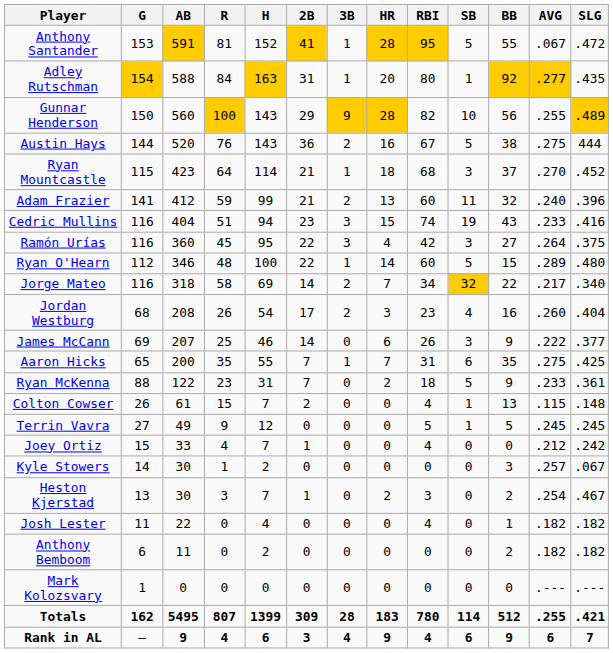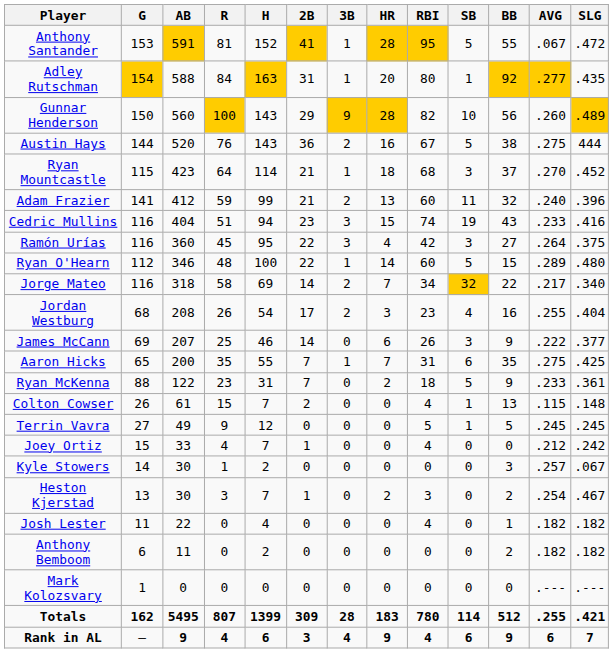 <table class=wikitable style="text-align:center">
 <tr>
 <th bgcolor=#DDDDFF; width="20%">Player</th>
 <th bgcolor=#DDDDFF; width="7%">G</th>
 <th bgcolor=#DDDDFF; width="7%">AB</th>
 <th bgcolor=#DDDDFF; width="7%">R</th>
 <th bgcolor=#DDDDFF; width="7%">H</th>
 <th bgcolor=#DDDDFF; width="7%">2B</th>
 <th bgcolor=#DDDDFF; width="7%">3B</th>
 <th bgcolor=#DDDDFF; width="7%">HR</th>
 <th bgcolor=#DDDDFF; width="7%">RBI</th>
 <th bgcolor=#DDDDFF; width="7%">SB</th>
 <th bgcolor=#DDDDFF; width="7%">BB</th>
 <th bgcolor=#DDDDFF; width="7%'">AVG</th>
 <th bgcolor=#DDDDFF; width="7%">SLG</th>
 </tr>
 <tr>
 <td><a href='#'>Anthony Santander</a></td>
 <td>153</td>
 <td bgcolor=#ffcc00>591</td>
 <td>81</td>
 <td>152</td>
 <td bgcolor=#ffcc00>41</td>
 <td>1</td>
 <td bgcolor=#ffcc00>28</td>
 <td bgcolor=#ffcc00>95</td>
 <td>5</td>
 <td>55</td>
 <td>.067</td>
 <td>.472</td>
 </tr>
 <tr>
 <td><a href='#'>Adley Rutschman</a></td>
 <td bgcolor=#ffcc00>154</td>
 <td>588</td>
 <td>84</td>
 <td bgcolor=#ffcc00>163</td>
 <td>31</td>
 <td>1</td>
 <td>20</td>
 <td>80</td>
 <td>1</td>
 <td bgcolor=#ffcc00>92</td>
 <td bgcolor=#ffcc00>.277</td>
 <td>.435</td>
 </tr>
 <tr>
 <td><a href='#'>Gunnar Henderson</a></td>
 <td>150</td>
 <td>560</td>
 <td bgcolor=#ffcc00>100</td>
 <td>143</td>
 <td>29</td>
 <td bgcolor=#ffcc00>9</td>
 <td bgcolor=#ffcc00>28</td>
 <td>82</td>
 <td>10</td>
 <td>56</td>
-<td>.255</td>
+<td>.260</td>
 <td bgcolor=#ffcc00>.489</td>
 </tr>
 <tr>
 <td><a href='#'>Austin Hays</a></td>
 <td>144</td>
 <td>520</td>
 <td>76</td>
 <td>143</td>
 <td>36</td>
 <td>2</td>
 <td>16</td>
 <td>67</td>
 <td>5</td>
 <td>38</td>
 <td>.275</td>
 <td>444</td>
 </tr>
 <tr>
 <td><a href='#'>Ryan Mountcastle</a></td>
 <td>115</td>
 <td>423</td>
 <td>64</td>
 <td>114</td>
 <td>21</td>
 <td>1</td>
 <td>18</td>
 <td>68</td>
 <td>3</td>
 <td>37</td>
 <td>.270</td>
 <td>.452</td>
 </tr>
 <tr>
 <td><a href='#'>Adam Frazier</a></td>
 <td>141</td>
 <td>412</td>
 <td>59</td>
 <td>99</td>
 <td>21</td>
 <td>2</td>
 <td>13</td>
 <td>60</td>
 <td>11</td>
 <td>32</td>
 <td>.240</td>
 <td>.396</td>
 </tr>
 <tr>
 <td><a href='#'>Cedric Mullins</a></td>
 <td>116</td>
 <td>404</td>
 <td>51</td>
 <td>94</td>
 <td>23</td>
 <td>3</td>
 <td>15</td>
 <td>74</td>
 <td>19</td>
 <td>43</td>
 <td>.233</td>
 <td>.416</td>
 </tr>
 <tr>
 <td><a href='#'>Ramón Urías</a></td>
 <td>116</td>
 <td>360</td>
 <td>45</td>
 <td>95</td>
 <td>22</td>
 <td>3</td>
 <td>4</td>
 <td>42</td>
 <td>3</td>
 <td>27</td>
 <td>.264</td>
 <td>.375</td>
 </tr>
 <tr>
 <td><a href='#'>Ryan O'Hearn</a></td>
 <td>112</td>
 <td>346</td>
 <td>48</td>
 <td>100</td>
 <td>22</td>
 <td>1</td>
 <td>14</td>
 <td>60</td>
 <td>5</td>
 <td>15</td>
 <td>.289</td>
 <td>.480</td>
 </tr>
 <tr>
 <td><a href='#'>Jorge Mateo</a></td>
 <td>116</td>
 <td>318</td>
 <td>58</td>
 <td>69</td>
 <td>14</td>
 <td>2</td>
 <td>7</td>
 <td>34</td>
 <td bgcolor=#ffcc00>32</td>
 <td>22</td>
 <td>.217</td>
 <td>.340</td>
 </tr>
 <tr>
 <td><a href='#'>Jordan Westburg</a></td>
 <td>68</td>
 <td>208</td>
 <td>26</td>
 <td>54</td>
 <td>17</td>
 <td>2</td>
 <td>3</td>
 <td>23</td>
 <td>4</td>
 <td>16</td>
-<td>.260</td>
+<td>.255</td>
 <td>.404</td>
 </tr>
 <tr>
 <td><a href='#'>James McCann</a></td>
 <td>69</td>
 <td>207</td>
 <td>25</td>
 <td>46</td>
 <td>14</td>
 <td>0</td>
 <td>6</td>
 <td>26</td>
 <td>3</td>
 <td>9</td>
 <td>.222</td>
 <td>.377</td>
 </tr>
 <tr>
 <td><a href='#'>Aaron Hicks</a></td>
 <td>65</td>
 <td>200</td>
 <td>35</td>
 <td>55</td>
 <td>7</td>
 <td>1</td>
 <td>7</td>
 <td>31</td>
 <td>6</td>
 <td>35</td>
 <td>.275</td>
 <td>.425</td>
 </tr>
 <tr>
 <td><a href='#'>Ryan McKenna</a></td>
 <td>88</td>
 <td>122</td>
 <td>23</td>
 <td>31</td>
 <td>7</td>
 <td>0</td>
 <td>2</td>
 <td>18</td>
 <td>5</td>
 <td>9</td>
 <td>.233</td>
 <td>.361</td>
 </tr>
 <tr>
 <td><a href='#'>Colton Cowser</a></td>
 <td>26</td>
 <td>61</td>
 <td>15</td>
 <td>7</td>
 <td>2</td>
 <td>0</td>
 <td>0</td>
 <td>4</td>
 <td>1</td>
 <td>13</td>
 <td>.115</td>
 <td>.148</td>
 </tr>
 <tr>
 <td><a href='#'>Terrin Vavra</a></td>
 <td>27</td>
 <td>49</td>
 <td>9</td>
 <td>12</td>
 <td>0</td>
 <td>0</td>
 <td>0</td>
 <td>5</td>
 <td>1</td>
 <td>5</td>
 <td>.245</td>
 <td>.245</td>
 </tr>
 <tr>
 <td><a href='#'>Joey Ortiz</a></td>
 <td>15</td>
 <td>33</td>
 <td>4</td>
 <td>7</td>
 <td>1</td>
 <td>0</td>
 <td>0</td>
 <td>4</td>
 <td>0</td>
 <td>0</td>
 <td>.212</td>
 <td>.242</td>
 </tr>
 <tr>
 <td><a href='#'>Kyle Stowers</a></td>
 <td>14</td>
 <td>30</td>
 <td>1</td>
 <td>2</td>
 <td>0</td>
 <td>0</td>
 <td>0</td>
 <td>0</td>
 <td>0</td>
 <td>3</td>
 <td>.257</td>
 <td>.067</td>
 </tr>
 <tr>
 <td><a href='#'>Heston Kjerstad</a></td>
 <td>13</td>
 <td>30</td>
 <td>3</td>
 <td>7</td>
 <td>1</td>
 <td>0</td>
 <td>2</td>
 <td>3</td>
 <td>0</td>
 <td>2</td>
 <td>.254</td>
 <td>.467</td>
 </tr>
 <tr>
 <td><a href='#'>Josh Lester</a></td>
 <td>11</td>
 <td>22</td>
 <td>0</td>
 <td>4</td>
 <td>0</td>
 <td>0</td>
 <td>0</td>
 <td>4</td>
 <td>0</td>
 <td>1</td>
 <td>.182</td>
 <td>.182</td>
 </tr>
 <tr>
 <td><a href='#'>Anthony Bemboom</a></td>
 <td>6</td>
 <td>11</td>
 <td>0</td>
 <td>2</td>
 <td>0</td>
 <td>0</td>
 <td>0</td>
 <td>0</td>
 <td>0</td>
 <td>2</td>
 <td>.182</td>
 <td>.182</td>
 </tr>
 <tr>
 <td><a href='#'>Mark Kolozsvary</a></td>
 <td>1</td>
 <td>0</td>
 <td>0</td>
 <td>0</td>
 <td>0</td>
 <td>0</td>
 <td>0</td>
 <td>0</td>
 <td>0</td>
 <td>0</td>
 <td>.---</td>
 <td>.---</td>
 </tr>
 <tr>
 <td><strong>Totals</strong></td>
 <td><strong>162</strong></td>
 <td><strong>5495</strong></td>
 <td><strong>807</strong></td>
 <td><strong>1399</strong></td>
 <td><strong>309</strong></td>
 <td><strong>28</strong></td>
 <td><strong>183</strong></td>
 <td><strong>780</strong></td>
 <td><strong>114</strong></td>
 <td><strong>512</strong></td>
 <td><strong>.255</strong></td>
 <td><strong>.421</strong></td>
 </tr>
 <tr>
 <td><strong>Rank in AL</strong></td>
 <td>—</td>
 <td><strong>9</strong></td>
 <td><strong>4</strong></td>
 <td><strong>6</strong></td>
 <td><strong>3</strong></td>
 <td><strong>4</strong></td>
 <td><strong>9</strong></td>
 <td><strong>4</strong></td>
 <td><strong>6</strong></td>
 <td><strong>9</strong></td>
 <td><strong>6</strong></td>
 <td><strong>7</strong></td>
 </tr>
 </table>
